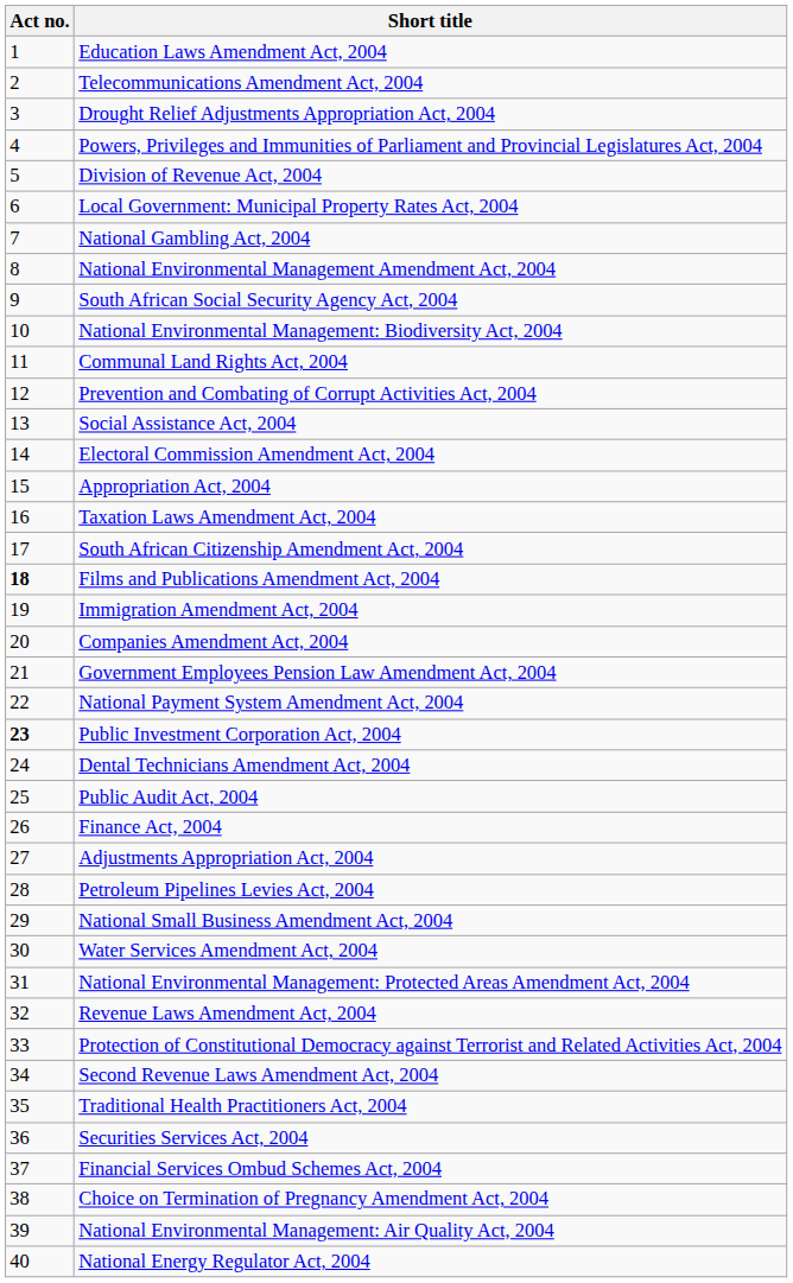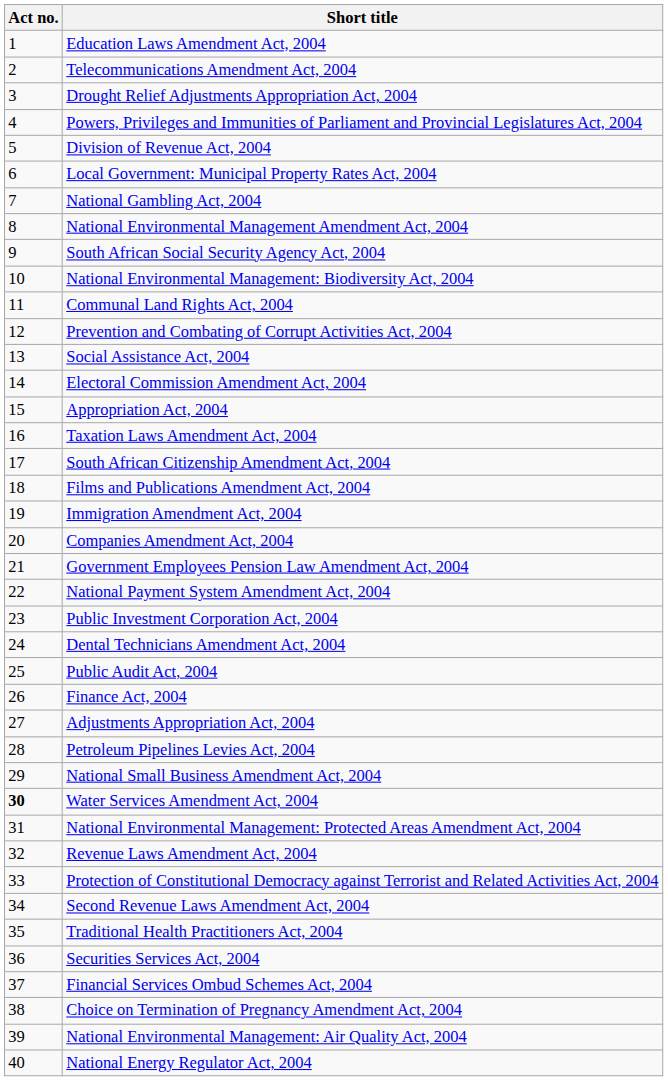 <table class="wikitable sortable">
 <tr>
 <th>Act no.</th>
 <th>Short title</th>
 </tr>
 <tr>
 <td>1</td>
 <td><a href='#'>Education Laws Amendment Act, 2004</a></td>
 </tr>
 <tr>
 <td>2</td>
 <td><a href='#'>Telecommunications Amendment Act, 2004</a></td>
 </tr>
 <tr>
 <td>3</td>
 <td><a href='#'>Drought Relief Adjustments Appropriation Act, 2004</a></td>
 </tr>
 <tr>
 <td>4</td>
 <td><a href='#'>Powers, Privileges and Immunities of Parliament and Provincial Legislatures Act, 2004</a></td>
 </tr>
 <tr>
 <td>5</td>
 <td><a href='#'>Division of Revenue Act, 2004</a></td>
 </tr>
 <tr>
 <td>6</td>
 <td><a href='#'>Local Government: Municipal Property Rates Act, 2004</a></td>
 </tr>
 <tr>
 <td>7</td>
 <td><a href='#'>National Gambling Act, 2004</a></td>
 </tr>
 <tr>
 <td>8</td>
 <td><a href='#'>National Environmental Management Amendment Act, 2004</a></td>
 </tr>
 <tr>
 <td>9</td>
 <td><a href='#'>South African Social Security Agency Act, 2004</a></td>
 </tr>
 <tr>
 <td>10</td>
 <td><a href='#'>National Environmental Management: Biodiversity Act, 2004</a></td>
 </tr>
 <tr>
 <td>11</td>
 <td><a href='#'>Communal Land Rights Act, 2004</a></td>
 </tr>
 <tr>
 <td>12</td>
 <td><a href='#'>Prevention and Combating of Corrupt Activities Act, 2004</a></td>
 </tr>
 <tr>
 <td>13</td>
 <td><a href='#'>Social Assistance Act, 2004</a></td>
 </tr>
 <tr>
 <td>14</td>
 <td><a href='#'>Electoral Commission Amendment Act, 2004</a></td>
 </tr>
 <tr>
 <td>15</td>
 <td><a href='#'>Appropriation Act, 2004</a></td>
 </tr>
 <tr>
 <td>16</td>
 <td><a href='#'>Taxation Laws Amendment Act, 2004</a></td>
 </tr>
 <tr>
 <td>17</td>
 <td><a href='#'>South African Citizenship Amendment Act, 2004</a></td>
 </tr>
 <tr>
-<td><strong>18</strong></td>
+<td>18</td>
 <td><a href='#'>Films and Publications Amendment Act, 2004</a></td>
 </tr>
 <tr>
 <td>19</td>
 <td><a href='#'>Immigration Amendment Act, 2004</a></td>
 </tr>
 <tr>
 <td>20</td>
 <td><a href='#'>Companies Amendment Act, 2004</a></td>
 </tr>
 <tr>
 <td>21</td>
 <td><a href='#'>Government Employees Pension Law Amendment Act, 2004</a></td>
 </tr>
 <tr>
 <td>22</td>
 <td><a href='#'>National Payment System Amendment Act, 2004</a></td>
 </tr>
 <tr>
-<td><strong>23</strong></td>
+<td>23</td>
 <td><a href='#'>Public Investment Corporation Act, 2004</a></td>
 </tr>
 <tr>
 <td>24</td>
 <td><a href='#'>Dental Technicians Amendment Act, 2004</a></td>
 </tr>
 <tr>
 <td>25</td>
 <td><a href='#'>Public Audit Act, 2004</a></td>
 </tr>
 <tr>
 <td>26</td>
 <td><a href='#'>Finance Act, 2004</a></td>
 </tr>
 <tr>
 <td>27</td>
 <td><a href='#'>Adjustments Appropriation Act, 2004</a></td>
 </tr>
 <tr>
 <td>28</td>
 <td><a href='#'>Petroleum Pipelines Levies Act, 2004</a></td>
 </tr>
 <tr>
 <td>29</td>
 <td><a href='#'>National Small Business Amendment Act, 2004</a></td>
 </tr>
 <tr>
-<td>30</td>
+<td><strong>30</strong></td>
 <td><a href='#'>Water Services Amendment Act, 2004</a></td>
 </tr>
 <tr>
 <td>31</td>
 <td><a href='#'>National Environmental Management: Protected Areas Amendment Act, 2004</a></td>
 </tr>
 <tr>
 <td>32</td>
 <td><a href='#'>Revenue Laws Amendment Act, 2004</a></td>
 </tr>
 <tr>
 <td>33</td>
 <td><a href='#'>Protection of Constitutional Democracy against Terrorist and Related Activities Act, 2004</a></td>
 </tr>
 <tr>
 <td>34</td>
 <td><a href='#'>Second Revenue Laws Amendment Act, 2004</a></td>
 </tr>
 <tr>
 <td>35</td>
 <td><a href='#'>Traditional Health Practitioners Act, 2004</a></td>
 </tr>
 <tr>
 <td>36</td>
 <td><a href='#'>Securities Services Act, 2004</a></td>
 </tr>
 <tr>
 <td>37</td>
 <td><a href='#'>Financial Services Ombud Schemes Act, 2004</a></td>
 </tr>
 <tr>
 <td>38</td>
 <td><a href='#'>Choice on Termination of Pregnancy Amendment Act, 2004</a></td>
 </tr>
 <tr>
 <td>39</td>
 <td><a href='#'>National Environmental Management: Air Quality Act, 2004</a></td>
 </tr>
 <tr>
 <td>40</td>
 <td><a href='#'>National Energy Regulator Act, 2004</a></td>
 </tr>
 </table>
